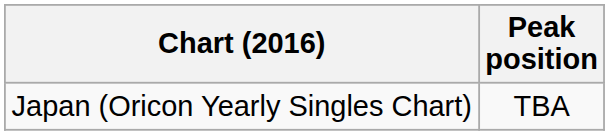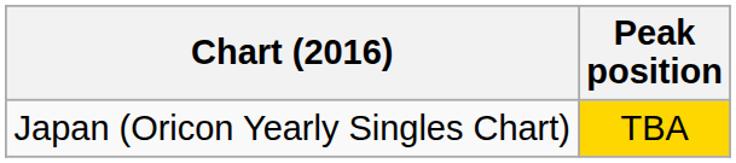 <table class="wikitable sortable">
 <tr>
 <th>Chart (2016)</th>
 <th>Peak<br>position</th>
 </tr>
 <tr>
 <td>Japan (Oricon Yearly Singles Chart)</td>
-<td align="center">TBA</td>
+<td align="center" style="background: gold;">TBA</td>
 </tr>
 </table>
